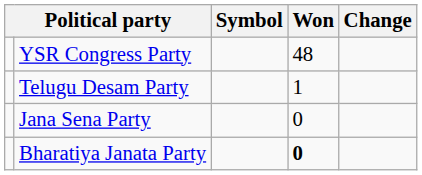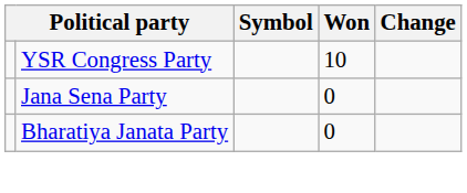 <table CLASS="sortable wikitable">
 <tr>
 <th colspan="2">Political party</th>
 <th>Symbol</th>
 <th>Won</th>
 <th>Change</th>
 </tr>
 <tr>
 <td></td>
 <td><a href='#'>YSR Congress Party</a></td>
 <td></td>
-<td>48</td>
-<td></td>
-</tr>
-<tr>
-<td></td>
-<td><a href='#'>Telugu Desam Party</a></td>
-<td></td>
-<td>1</td>
+<td>10</td>
 <td></td>
 </tr>
 <tr>
 <td></td>
 <td><a href='#'>Jana Sena Party</a></td>
 <td></td>
 <td>0</td>
 <td></td>
 </tr>
 <tr>
 <td></td>
 <td><a href='#'>Bharatiya Janata Party</a></td>
 <td></td>
-<td><strong>0</strong></td>
+<td>0</td>
 <td></td>
 </tr>
 </table>
